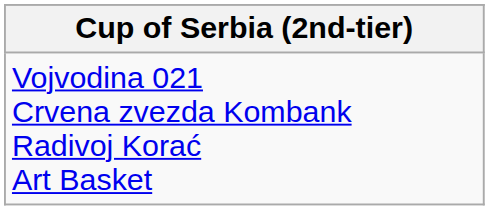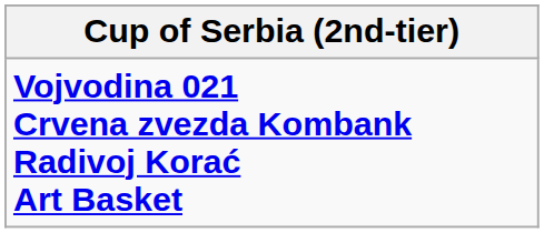 <table class=wikitable width=20%>
 <tr>
 <th width=13%>Cup of Serbia (2nd-tier)</th>
 </tr>
 <tr valign=top>
-<td><a href='#'>Vojvodina 021</a><br><a href='#'>Crvena zvezda Kombank</a><br><a href='#'>Radivoj Korać</a><br><a href='#'>Art Basket</a></td>
+<td><strong><a href='#'>Vojvodina 021</a><br><a href='#'>Crvena zvezda Kombank</a><br><a href='#'>Radivoj Korać</a><br><a href='#'>Art Basket</a></strong></td>
 </tr>
 </table>
